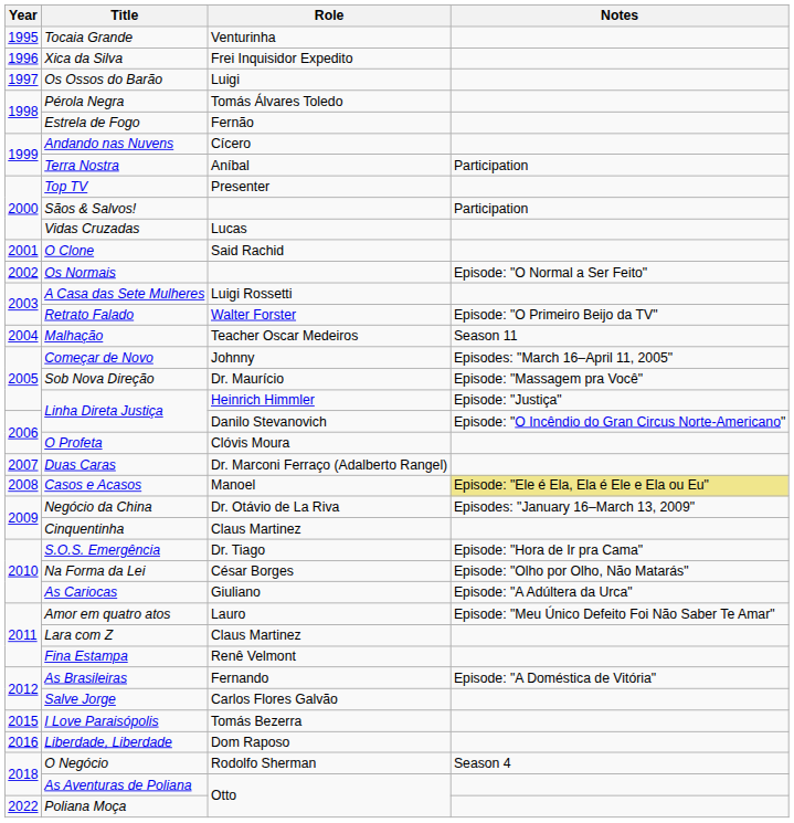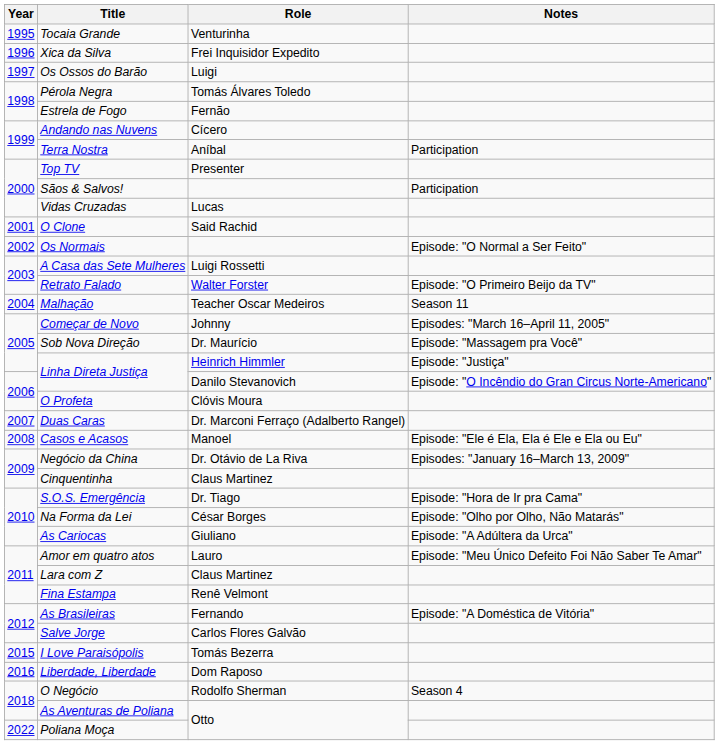 <table class="wikitable" style="font-size: 90%;">
 <tr>
 <th>Year</th>
 <th>Title</th>
 <th>Role</th>
 <th>Notes</th>
 </tr>
 <tr>
 <td><a href='#'>1995</a></td>
 <td><em>Tocaia Grande</em></td>
 <td>Venturinha</td>
 <td></td>
 </tr>
 <tr>
 <td><a href='#'>1996</a></td>
 <td><em>Xica da Silva</em></td>
 <td>Frei Inquisidor Expedito</td>
 <td></td>
 </tr>
 <tr>
 <td><a href='#'>1997</a></td>
 <td><em>Os Ossos do Barão</em></td>
 <td>Luigi</td>
 <td></td>
 </tr>
 <tr>
 <td rowspan="2"><a href='#'>1998</a></td>
 <td><em>Pérola Negra</em></td>
 <td>Tomás Álvares Toledo</td>
 <td></td>
 </tr>
 <tr>
 <td><em>Estrela de Fogo</em></td>
 <td>Fernão</td>
 <td></td>
 </tr>
 <tr>
 <td rowspan="2"><a href='#'>1999</a></td>
 <td><em><a href='#'>Andando nas Nuvens</a></em></td>
 <td>Cícero</td>
 <td></td>
 </tr>
 <tr>
 <td><em><a href='#'>Terra Nostra</a></em></td>
 <td>Aníbal</td>
 <td>Participation</td>
 </tr>
 <tr>
 <td rowspan="3"><a href='#'>2000</a></td>
 <td><em><a href='#'>Top TV</a></em></td>
 <td>Presenter</td>
 <td></td>
 </tr>
 <tr>
 <td><em>Sãos & Salvos!</em></td>
 <td></td>
 <td>Participation</td>
 </tr>
 <tr>
 <td><em>Vidas Cruzadas</em></td>
 <td>Lucas</td>
 <td></td>
 </tr>
 <tr>
 <td><a href='#'>2001</a></td>
 <td><em><a href='#'>O Clone</a></em></td>
 <td>Said Rachid</td>
 <td></td>
 </tr>
 <tr>
 <td><a href='#'>2002</a></td>
 <td><em><a href='#'>Os Normais</a></em></td>
 <td></td>
 <td>Episode: "O Normal a Ser Feito"</td>
 </tr>
 <tr>
 <td rowspan="2"><a href='#'>2003</a></td>
 <td><em><a href='#'>A Casa das Sete Mulheres</a></em></td>
 <td>Luigi Rossetti</td>
 <td></td>
 </tr>
 <tr>
 <td><em><a href='#'>Retrato Falado</a></em></td>
 <td><a href='#'>Walter Forster</a></td>
 <td>Episode: "O Primeiro Beijo da TV"</td>
 </tr>
 <tr>
 <td><a href='#'>2004</a></td>
 <td><em><a href='#'>Malhação</a></em></td>
 <td>Teacher Oscar Medeiros</td>
 <td>Season 11</td>
 </tr>
 <tr>
 <td rowspan="3"><a href='#'>2005</a></td>
 <td><em><a href='#'>Começar de Novo</a></em></td>
 <td>Johnny</td>
 <td>Episodes: "March 16–April 11, 2005"</td>
 </tr>
 <tr>
 <td><em>Sob Nova Direção</em></td>
 <td>Dr. Maurício</td>
 <td>Episode: "Massagem pra Você"</td>
 </tr>
 <tr>
 <td rowspan="2"><em><a href='#'>Linha Direta Justiça</a></em></td>
 <td><a href='#'>Heinrich Himmler</a></td>
 <td>Episode: "Justiça"</td>
 </tr>
 <tr>
 <td rowspan="2"><a href='#'>2006</a></td>
 <td>Danilo Stevanovich</td>
 <td>Episode: "<a href='#'>O Incêndio do Gran Circus Norte-Americano</a>"</td>
 </tr>
 <tr>
 <td><em><a href='#'>O Profeta</a></em></td>
 <td>Clóvis Moura</td>
 <td></td>
 </tr>
 <tr>
 <td><a href='#'>2007</a></td>
 <td><em><a href='#'>Duas Caras</a></em></td>
 <td>Dr. Marconi Ferraço (Adalberto Rangel)</td>
 <td></td>
 </tr>
 <tr>
 <td><a href='#'>2008</a></td>
 <td><em><a href='#'>Casos e Acasos</a></em></td>
 <td>Manoel</td>
-<td style="background: khaki;">Episode: "Ele é Ela, Ela é Ele e Ela ou Eu"</td>
+<td>Episode: "Ele é Ela, Ela é Ele e Ela ou Eu"</td>
 </tr>
 <tr>
 <td rowspan="2"><a href='#'>2009</a></td>
 <td><em>Negócio da China</em></td>
 <td>Dr. Otávio de La Riva</td>
 <td>Episodes: "January 16–March 13, 2009"</td>
 </tr>
 <tr>
 <td><em>Cinquentinha</em></td>
 <td>Claus Martinez</td>
 <td></td>
 </tr>
 <tr>
 <td rowspan="3"><a href='#'>2010</a></td>
 <td><em><a href='#'>S.O.S. Emergência</a></em></td>
 <td>Dr. Tiago</td>
 <td>Episode: "Hora de Ir pra Cama"</td>
 </tr>
 <tr>
 <td><em>Na Forma da Lei</em></td>
 <td>César Borges</td>
 <td>Episode: "Olho por Olho, Não Matarás"</td>
 </tr>
 <tr>
 <td><em><a href='#'>As Cariocas</a></em></td>
 <td>Giuliano</td>
 <td>Episode: "A Adúltera da Urca"</td>
 </tr>
 <tr>
 <td rowspan="3"><a href='#'>2011</a></td>
 <td><em>Amor em quatro atos</em></td>
 <td>Lauro</td>
 <td>Episode: "Meu Único Defeito Foi Não Saber Te Amar"</td>
 </tr>
 <tr>
 <td><em>Lara com Z</em></td>
 <td>Claus Martinez</td>
 <td></td>
 </tr>
 <tr>
 <td><em><a href='#'>Fina Estampa</a></em></td>
 <td>Renê Velmont</td>
 <td></td>
 </tr>
 <tr>
 <td rowspan="2"><a href='#'>2012</a></td>
 <td><em><a href='#'>As Brasileiras</a></em></td>
 <td>Fernando</td>
 <td>Episode: "A Doméstica de Vitória"</td>
 </tr>
 <tr>
 <td><em><a href='#'>Salve Jorge</a></em></td>
 <td>Carlos Flores Galvão</td>
 <td></td>
 </tr>
 <tr>
 <td><a href='#'>2015</a></td>
 <td><em><a href='#'>I Love Paraisópolis</a></em></td>
 <td>Tomás Bezerra</td>
 <td></td>
 </tr>
 <tr>
 <td><a href='#'>2016</a></td>
 <td><em><a href='#'>Liberdade, Liberdade</a></em></td>
 <td>Dom Raposo</td>
 <td></td>
 </tr>
 <tr>
 <td rowspan="2"><a href='#'>2018</a></td>
 <td><em>O Negócio</em></td>
 <td>Rodolfo Sherman</td>
 <td>Season 4</td>
 </tr>
 <tr>
 <td><em><a href='#'>As Aventuras de Poliana</a></em></td>
 <td rowspan="2">Otto</td>
 <td></td>
 </tr>
 <tr>
 <td><a href='#'>2022</a></td>
 <td><em>Poliana Moça</em></td>
 <td></td>
 </tr>
 </table>
